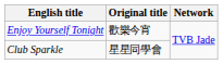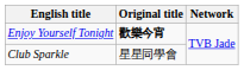 <table class="wikitable sortable">
 <tr>
 <th>English title</th>
 <th>Original title</th>
 <th>Network</th>
 </tr>
 <tr>
 <td><em><a href='#'>Enjoy Yourself Tonight</a></em></td>
-<td>歡樂今宵</td>
+<td><strong>歡樂今宵</strong></td>
 <td rowspan="2"><a href='#'>TVB Jade</a></td>
 </tr>
 <tr>
 <td><em>Club Sparkle</em></td>
 <td>星星同學會</td>
 </tr>
 </table>
